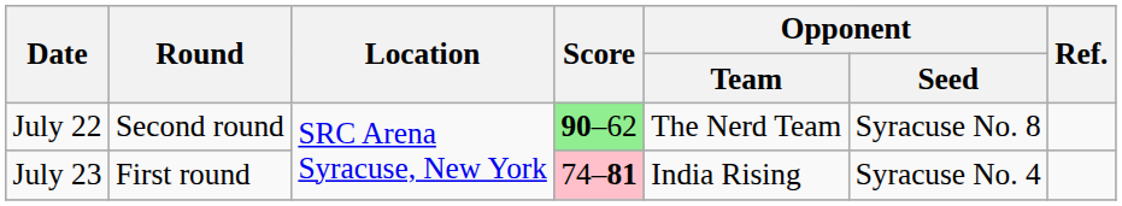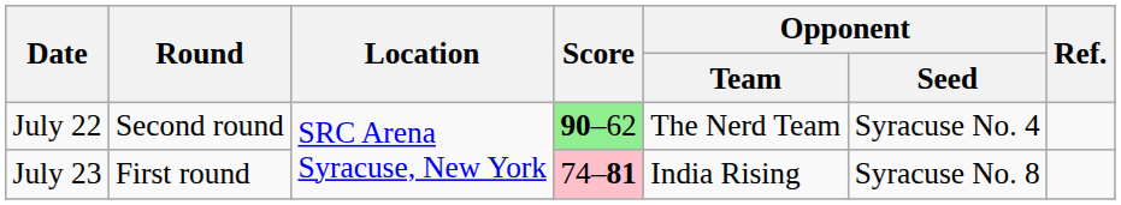 <table class="wikitable">
 <tr>
 <th rowspan=2>Date</th>
 <th rowspan=2>Round</th>
 <th rowspan=2>Location</th>
 <th rowspan=2>Score</th>
 <th colspan=2>Opponent</th>
 <th rowspan=2>Ref.</th>
 </tr>
 <tr>
 <th>Team</th>
 <th>Seed</th>
 </tr>
 <tr>
 <td>July 22</td>
 <td>Second round</td>
 <td rowspan=2><a href='#'>SRC Arena</a><br><a href='#'>Syracuse, New York</a></td>
 <td bgcolor=lightgreen><strong>90</strong>–62</td>
 <td>The Nerd Team</td>
-<td>Syracuse No. 8</td>
+<td>Syracuse No. 4</td>
 <td></td>
 </tr>
 <tr>
 <td>July 23</td>
 <td>First round</td>
 <td bgcolor=pink>74–<strong>81</strong></td>
 <td>India Rising</td>
-<td>Syracuse No. 4</td>
+<td>Syracuse No. 8</td>
 <td></td>
 </tr>
 </table>
